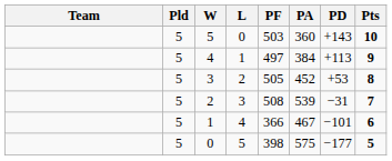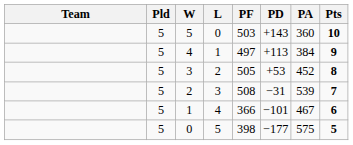 <table class=wikitable style="text-align:center">
 <tr>
 <th width=180>Team</th>
 <th width=30>Pld</th>
 <th width=30>W</th>
 <th width=30>L</th>
 <th width=30>PF</th>
+<th width=30>PD</th>
 <th width=30>PA</th>
-<th width=30>PD</th>
 <th width=30>Pts</th>
 </tr>
 <tr>
 <td align="left"></td>
 <td>5</td>
 <td>5</td>
 <td>0</td>
 <td>503</td>
+<td>+143</td>
 <td>360</td>
-<td>+143</td>
 <td><strong>10</strong></td>
 </tr>
 <tr>
 <td align="left"></td>
 <td>5</td>
 <td>4</td>
 <td>1</td>
 <td>497</td>
+<td>+113</td>
 <td>384</td>
-<td>+113</td>
 <td><strong>9</strong></td>
 </tr>
 <tr>
 <td align="left"></td>
 <td>5</td>
 <td>3</td>
 <td>2</td>
 <td>505</td>
+<td>+53</td>
 <td>452</td>
-<td>+53</td>
 <td><strong>8</strong></td>
 </tr>
 <tr>
 <td align="left"></td>
 <td>5</td>
 <td>2</td>
 <td>3</td>
 <td>508</td>
+<td>−31</td>
 <td>539</td>
-<td>−31</td>
 <td><strong>7</strong></td>
 </tr>
 <tr>
 <td align="left"></td>
 <td>5</td>
 <td>1</td>
 <td>4</td>
 <td>366</td>
+<td>−101</td>
 <td>467</td>
-<td>−101</td>
 <td><strong>6</strong></td>
 </tr>
 <tr>
 <td align="left"></td>
 <td>5</td>
 <td>0</td>
 <td>5</td>
 <td>398</td>
+<td>−177</td>
 <td>575</td>
-<td>−177</td>
 <td><strong>5</strong></td>
 </tr>
 </table>
